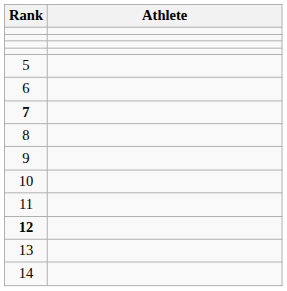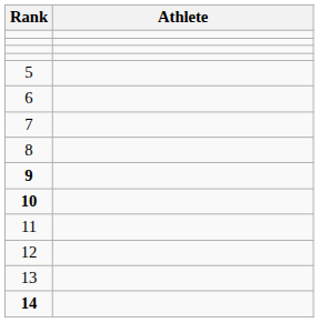 <table class="wikitable" style="text-align: center;">
 <tr>
 <th width=40>Rank</th>
 <th width=250>Athlete</th>
 </tr>
 <tr>
 <td></td>
 <td align=left></td>
 </tr>
 <tr>
 <td></td>
 <td align=left></td>
 </tr>
 <tr>
 <td></td>
 <td align=left></td>
 </tr>
 <tr>
 <td></td>
 <td align=left></td>
 </tr>
 <tr>
 <td>5</td>
 <td align=left></td>
 </tr>
 <tr>
 <td>6</td>
 <td align=left></td>
 </tr>
 <tr>
-<td><strong>7</strong></td>
+<td>7</td>
 <td align=left></td>
 </tr>
 <tr>
 <td>8</td>
 <td align=left></td>
 </tr>
 <tr>
-<td>9</td>
+<td><strong>9</strong></td>
 <td align=left></td>
 </tr>
 <tr>
-<td>10</td>
+<td><strong>10</strong></td>
 <td align=left></td>
 </tr>
 <tr>
 <td>11</td>
 <td align=left></td>
 </tr>
 <tr>
-<td><strong>12</strong></td>
+<td>12</td>
 <td align=left></td>
 </tr>
 <tr>
 <td>13</td>
 <td align=left></td>
 </tr>
 <tr>
-<td>14</td>
+<td><strong>14</strong></td>
 <td align=left></td>
 </tr>
 </table>
